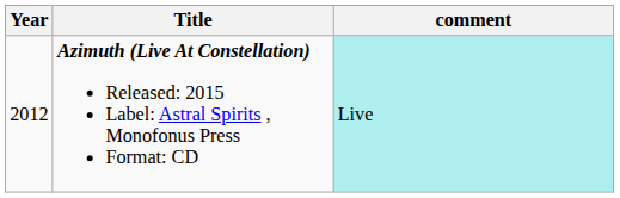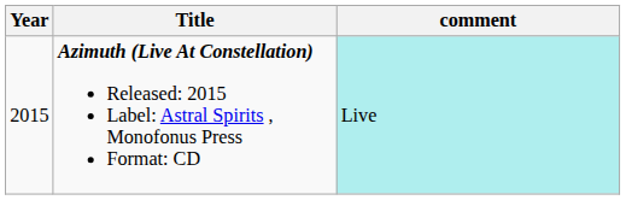 <table class="wikitable">
 <tr>
 <th>Year</th>
 <th style="width:225px;">Title</th>
 <th style="width:225px;">comment</th>
 </tr>
 <tr>
-<td>2012</td>
+<td>2015</td>
 <td style="width:225px;"><strong><em>Azimuth (Live At Constellation)</em></strong><br><ul><li>Released: 2015</li><li>Label: <a href='#'>Astral Spirits</a> , Monofonus Press </li><li>Format: CD</li></ul></td>
 <td style="background: paleturquoise;">Live</td>
 </tr>
 </table>
